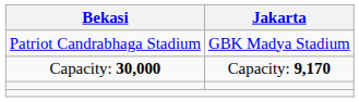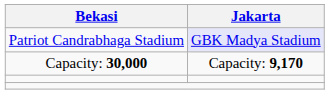 <table class="wikitable" style="margin:1em auto; text-align:center">
 <tr>
 <th><a href='#'>Bekasi</a></th>
 <th><a href='#'>Jakarta</a></th>
 </tr>
 <tr>
 <td><a href='#'>Patriot Candrabhaga Stadium</a></td>
-<td><a href='#'>GBK Madya Stadium</a></td>
+<td style="background: lavender;"><a href='#'>GBK Madya Stadium</a></td>
 </tr>
 <tr>
 <td>Capacity: <strong>30,000</strong></td>
 <td>Capacity: <strong>9,170</strong></td>
 </tr>
 <tr>
 <td></td>
 <td></td>
 </tr>
 <tr>
 <td colspan=2></td>
 </tr>
 </table>
